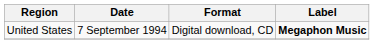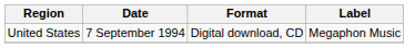 <table class="wikitable">
 <tr>
 <th scope="col">Region</th>
 <th scope="col">Date</th>
 <th scope="col">Format</th>
 <th scope="col">Label</th>
 </tr>
 <tr>
 <td>United States</td>
 <td rowspan="1">7 September 1994</td>
 <td rowspan="1">Digital download, CD</td>
-<td rowspan="1"><strong>Megaphon Music</strong></td>
+<td rowspan="1">Megaphon Music</td>
 </tr>
 <tr>
 </tr>
 </table>
